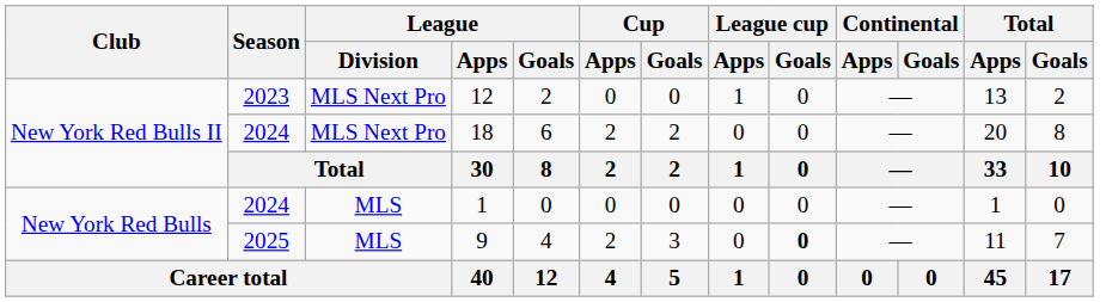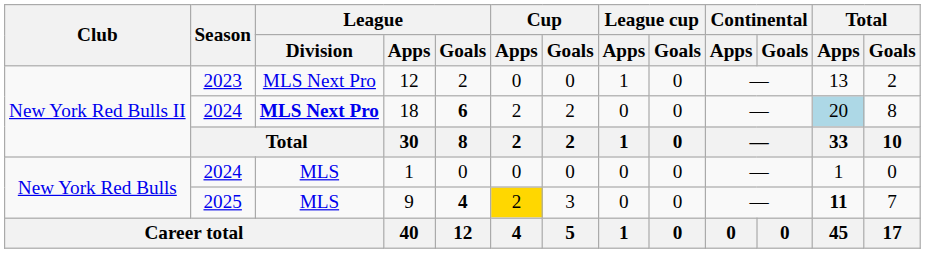 <table class="wikitable" style="text-align:center">
 <tr>
 <th rowspan=2>Club</th>
 <th rowspan=2>Season</th>
 <th colspan=3>League</th>
 <th colspan=2>Cup</th>
 <th colspan=2>League cup</th>
 <th colspan=2>Continental</th>
 <th colspan=2>Total</th>
 </tr>
 <tr>
 <th>Division</th>
 <th>Apps</th>
 <th>Goals</th>
 <th>Apps</th>
 <th>Goals</th>
 <th>Apps</th>
 <th>Goals</th>
 <th>Apps</th>
 <th>Goals</th>
 <th>Apps</th>
 <th>Goals</th>
 </tr>
 <tr>
 <td rowspan=3><a href='#'>New York Red Bulls II</a></td>
 <td><a href='#'>2023</a></td>
 <td><a href='#'>MLS Next Pro</a></td>
 <td>12</td>
 <td>2</td>
 <td>0</td>
 <td>0</td>
 <td>1</td>
 <td>0</td>
 <td colspan=2>—</td>
 <td>13</td>
 <td>2</td>
 </tr>
 <tr>
 <td><a href='#'>2024</a></td>
-<td><a href='#'>MLS Next Pro</a></td>
+<td><strong><a href='#'>MLS Next Pro</a></strong></td>
 <td>18</td>
-<td>6</td>
+<td><strong>6</strong></td>
 <td>2</td>
 <td>2</td>
 <td>0</td>
 <td>0</td>
 <td colspan=2>—</td>
-<td>20</td>
+<td style="background: lightblue;">20</td>
 <td>8</td>
 </tr>
 <tr>
 <th colspan=2>Total</th>
 <th>30</th>
 <th>8</th>
 <th>2</th>
 <th>2</th>
 <th>1</th>
 <th>0</th>
 <th colspan=2>—</th>
 <th>33</th>
 <th>10</th>
 </tr>
 <tr>
 <td rowspan=2><a href='#'>New York Red Bulls</a></td>
 <td><a href='#'>2024</a></td>
 <td><a href='#'>MLS</a></td>
 <td>1</td>
 <td>0</td>
 <td>0</td>
 <td>0</td>
 <td>0</td>
 <td>0</td>
 <td colspan=2>—</td>
 <td>1</td>
 <td>0</td>
 </tr>
 <tr>
 <td><a href='#'>2025</a></td>
 <td><a href='#'>MLS</a></td>
 <td>9</td>
-<td>4</td>
-<td>2</td>
+<td><strong>4</strong></td>
+<td style="background: gold;">2</td>
 <td>3</td>
 <td>0</td>
-<td><strong>0</strong></td>
+<td>0</td>
 <td colspan=2>—</td>
-<td>11</td>
+<td><strong>11</strong></td>
 <td>7</td>
 </tr>
 <tr>
 <th colspan="3">Career total</th>
 <th>40</th>
 <th>12</th>
 <th>4</th>
 <th>5</th>
 <th>1</th>
 <th>0</th>
 <th>0</th>
 <th>0</th>
 <th>45</th>
 <th>17</th>
 </tr>
 </table>
